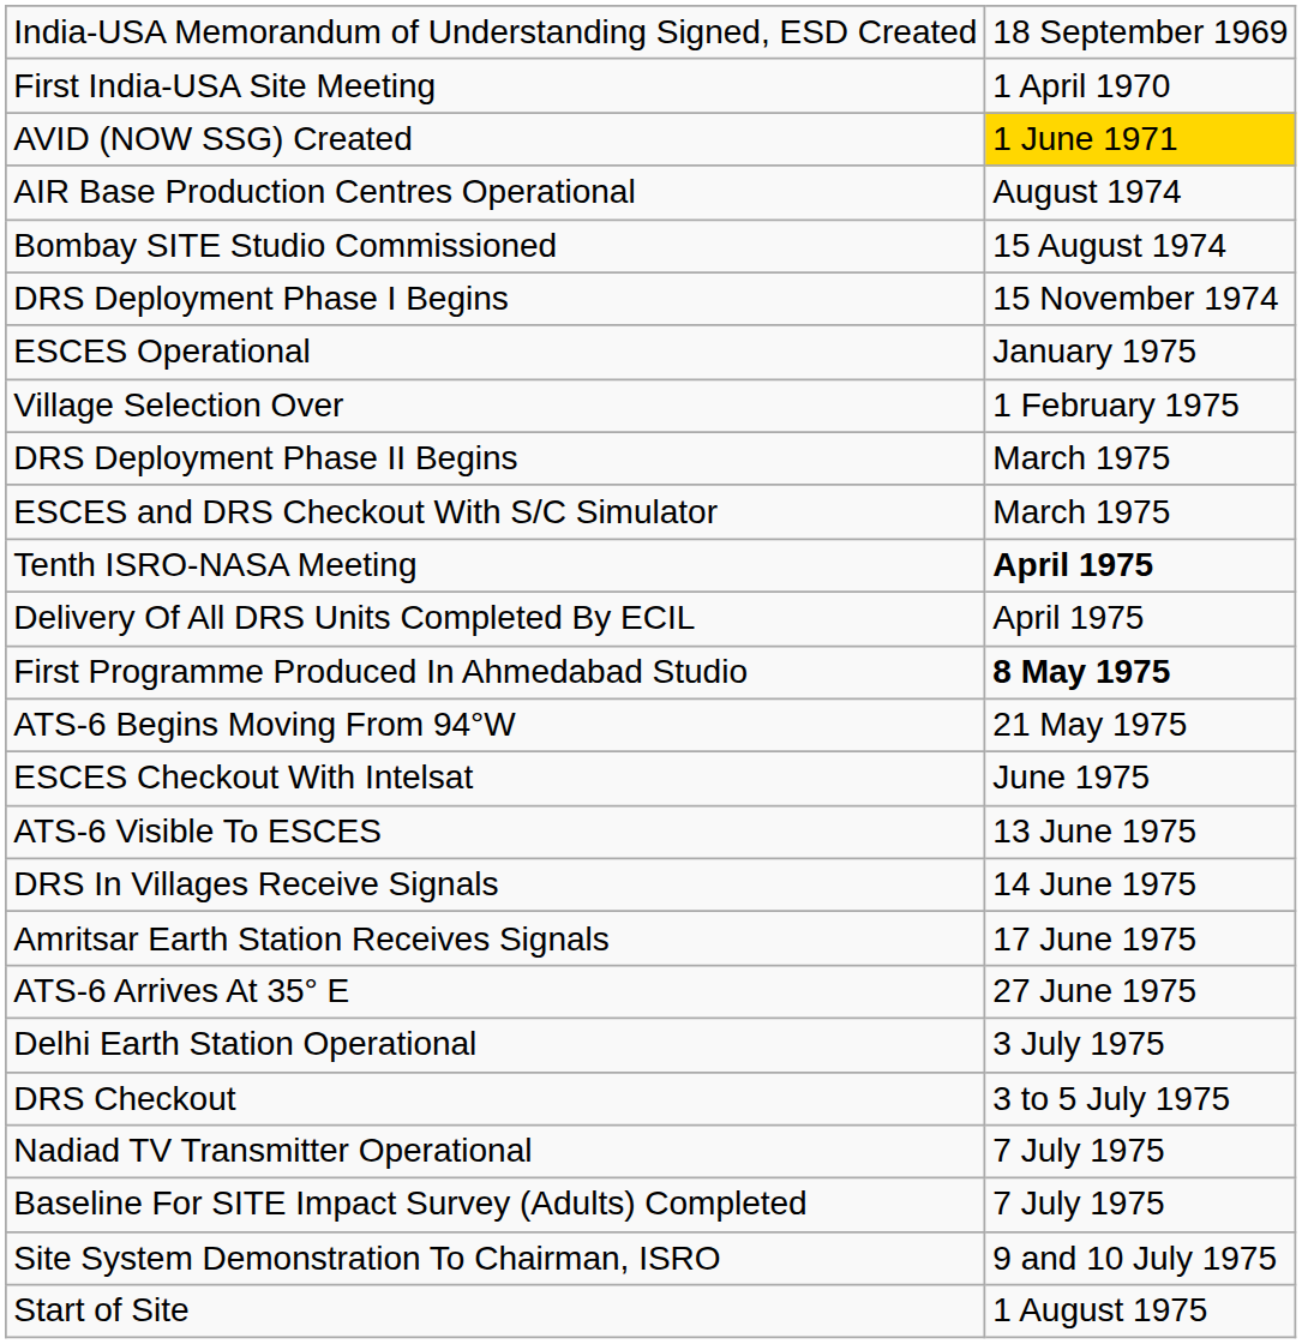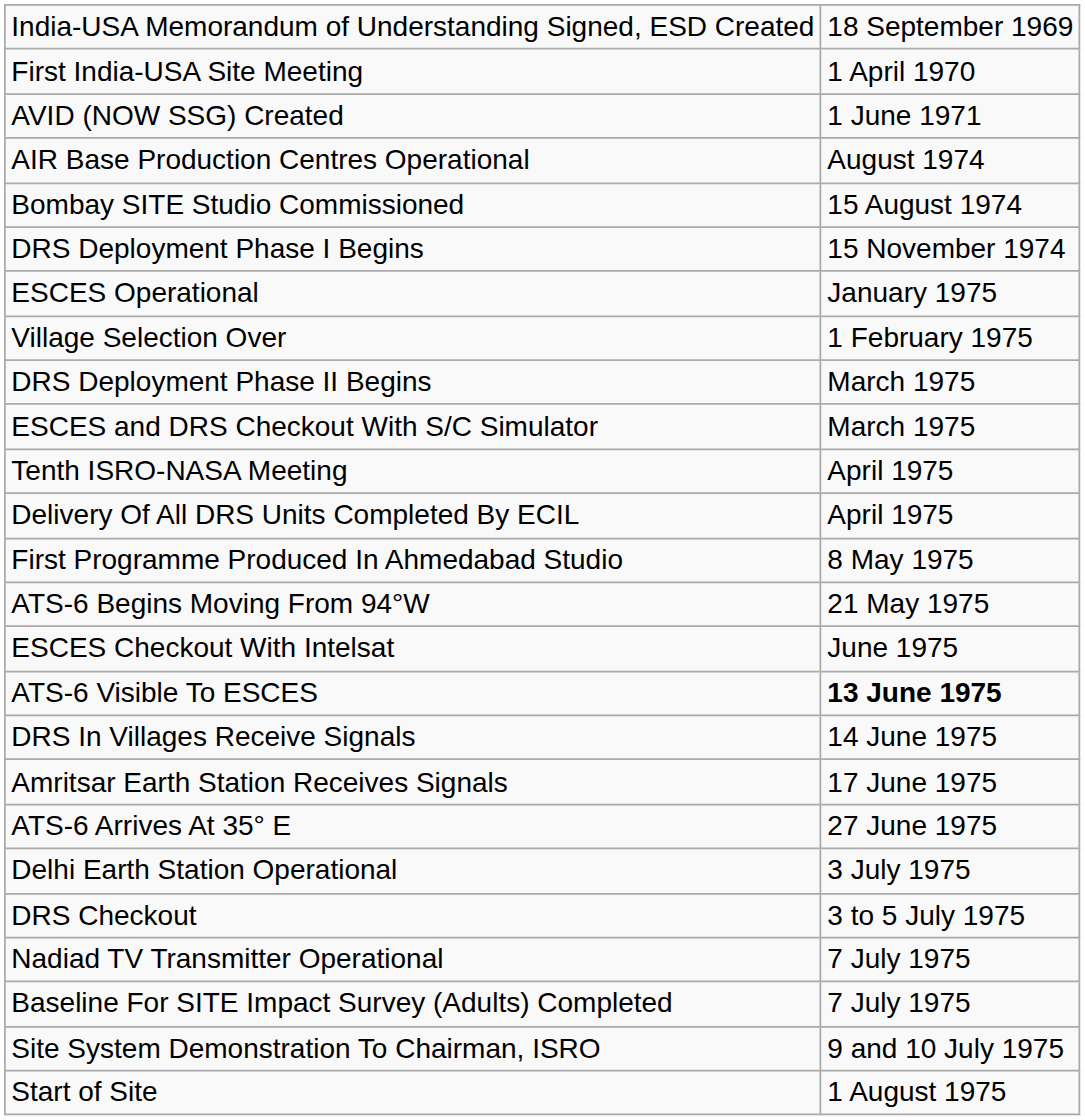 <table class="wikitable">
 <tr>
 <td>India-USA Memorandum of Understanding Signed, ESD Created</td>
 <td>18 September 1969</td>
 </tr>
 <tr>
 <td>First India-USA Site Meeting</td>
 <td>1 April 1970</td>
 </tr>
 <tr>
 <td>AVID (NOW SSG) Created</td>
-<td style="background: gold;">1 June 1971</td>
+<td>1 June 1971</td>
 </tr>
 <tr>
 <td>AIR Base Production Centres Operational</td>
 <td>August 1974</td>
 </tr>
 <tr>
 <td>Bombay SITE Studio Commissioned</td>
 <td>15 August 1974</td>
 </tr>
 <tr>
 <td>DRS Deployment Phase I Begins</td>
 <td>15 November 1974</td>
 </tr>
 <tr>
 <td>ESCES Operational</td>
 <td>January 1975</td>
 </tr>
 <tr>
 <td>Village Selection Over</td>
 <td>1 February 1975</td>
 </tr>
 <tr>
 <td>DRS Deployment Phase II Begins</td>
 <td>March 1975</td>
 </tr>
 <tr>
 <td>ESCES and DRS Checkout With S/C Simulator</td>
 <td>March 1975</td>
 </tr>
 <tr>
 <td>Tenth ISRO-NASA Meeting</td>
-<td><strong>April 1975</strong></td>
+<td>April 1975</td>
 </tr>
 <tr>
 <td>Delivery Of All DRS Units Completed By ECIL</td>
 <td>April 1975</td>
 </tr>
 <tr>
 <td>First Programme Produced In Ahmedabad Studio</td>
-<td><strong>8 May 1975</strong></td>
+<td>8 May 1975</td>
 </tr>
 <tr>
 <td>ATS-6 Begins Moving From 94°W</td>
 <td>21 May 1975</td>
 </tr>
 <tr>
 <td>ESCES Checkout With Intelsat</td>
 <td>June 1975</td>
 </tr>
 <tr>
 <td>ATS-6 Visible To ESCES</td>
-<td>13 June 1975</td>
+<td><strong>13 June 1975</strong></td>
 </tr>
 <tr>
 <td>DRS In Villages Receive Signals</td>
 <td>14 June 1975</td>
 </tr>
 <tr>
 <td>Amritsar Earth Station Receives Signals</td>
 <td>17 June 1975</td>
 </tr>
 <tr>
 <td>ATS-6 Arrives At 35° E</td>
 <td>27 June 1975</td>
 </tr>
 <tr>
 <td>Delhi Earth Station Operational</td>
 <td>3 July 1975</td>
 </tr>
 <tr>
 <td>DRS Checkout</td>
 <td>3 to 5 July 1975</td>
 </tr>
 <tr>
 <td>Nadiad TV Transmitter Operational</td>
 <td>7 July 1975</td>
 </tr>
 <tr>
 <td>Baseline For SITE Impact Survey (Adults) Completed</td>
 <td>7 July 1975</td>
 </tr>
 <tr>
 <td>Site System Demonstration To Chairman, ISRO</td>
 <td>9 and 10 July 1975</td>
 </tr>
 <tr>
 <td>Start of Site</td>
 <td>1 August 1975</td>
 </tr>
 </table>
